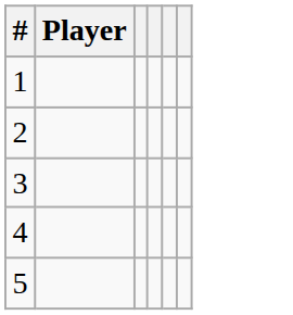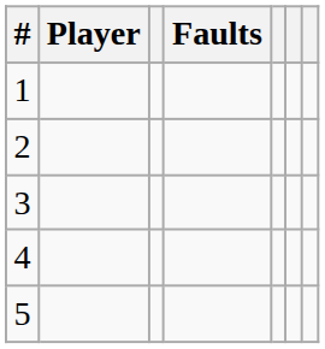 <table class="wikitable sortable" style="text-align:right; display:inline-table; font-size:90%">
 <tr>
 <th>#</th>
 <th>Player</th>
 <th></th>
+<th>Faults</th>
 <th></th>
 <th></th>
 <th></th>
 </tr>
 <tr>
 <td align=center>1</td>
 <td></td>
+<td align=center></td>
 <td align=center></td>
 <td align=center></td>
 <td align=center></td>
 <td align=center></td>
 </tr>
 <tr>
 <td align=center>2</td>
 <td></td>
 <td align=center></td>
 <td align=center></td>
 <td align=center></td>
 <td align=center></td>
+<td align=center></td>
 </tr>
 <tr>
 <td align=center>3</td>
 <td></td>
+<td align=center></td>
 <td align=center></td>
 <td align=center></td>
 <td align=center></td>
 <td align=center></td>
 </tr>
 <tr>
 <td align=center>4</td>
 <td></td>
 <td align=center></td>
 <td align=center></td>
 <td align=center></td>
 <td align=center></td>
+<td align=center></td>
 </tr>
 <tr>
 <td align=center>5</td>
 <td></td>
 <td align=center></td>
 <td align=center></td>
 <td align=center></td>
 <td align=center></td>
+<td align=center></td>
 </tr>
 </table>
